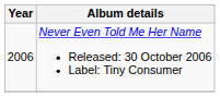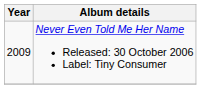 <table class="wikitable">
 <tr>
 <th>Year</th>
 <th>Album details</th>
 </tr>
 <tr>
-<td>2006</td>
+<td>2009</td>
 <td><em><a href='#'>Never Even Told Me Her Name</a></em><br><ul><li>Released: 30 October 2006</li><li>Label: Tiny Consumer</li></ul></td>
 </tr>
 <tr>
 </tr>
 </table>
